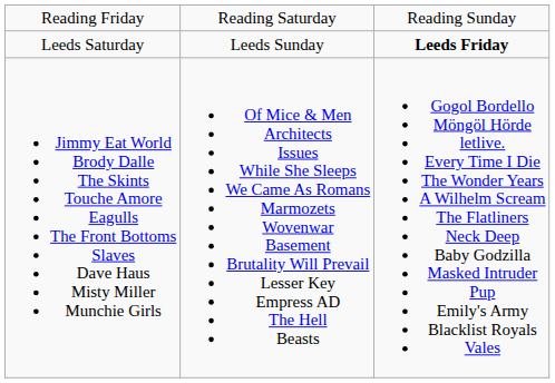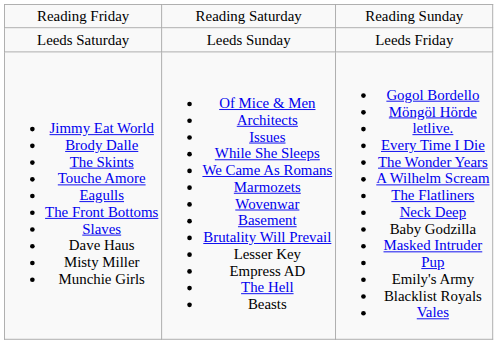 <table class="wikitable" style="text-align:center;">
 <tr>
 <td>Reading Friday</td>
 <td>Reading Saturday</td>
 <td>Reading Sunday</td>
 </tr>
 <tr>
 <td>Leeds Saturday</td>
 <td>Leeds Sunday</td>
-<td><strong>Leeds Friday</strong></td>
+<td>Leeds Friday</td>
 </tr>
 <tr>
 <td><br><ul><li><a href='#'>Jimmy Eat World</a></li><li><a href='#'>Brody Dalle</a></li><li><a href='#'>The Skints</a></li><li><a href='#'>Touche Amore</a></li><li><a href='#'>Eagulls</a></li><li><a href='#'>The Front Bottoms</a></li><li><a href='#'>Slaves</a></li><li>Dave Haus</li><li>Misty Miller</li><li>Munchie Girls</li></ul></td>
 <td><br><ul><li><a href='#'>Of Mice & Men</a></li><li><a href='#'>Architects</a></li><li><a href='#'>Issues</a></li><li><a href='#'>While She Sleeps</a></li><li><a href='#'>We Came As Romans</a></li><li><a href='#'>Marmozets</a></li><li><a href='#'>Wovenwar</a></li><li><a href='#'>Basement</a></li><li><a href='#'>Brutality Will Prevail</a></li><li>Lesser Key</li><li>Empress AD</li><li><a href='#'>The Hell</a></li><li>Beasts</li></ul></td>
 <td><br><ul><li><a href='#'>Gogol Bordello</a></li><li><a href='#'>Möngöl Hörde</a></li><li><a href='#'>letlive.</a></li><li><a href='#'>Every Time I Die</a></li><li><a href='#'>The Wonder Years</a></li><li><a href='#'>A Wilhelm Scream</a></li><li><a href='#'>The Flatliners</a></li><li><a href='#'>Neck Deep</a></li><li>Baby Godzilla</li><li><a href='#'>Masked Intruder</a></li><li><a href='#'>Pup</a></li><li>Emily's Army</li><li>Blacklist Royals</li><li><a href='#'>Vales</a></li></ul></td>
 </tr>
 </table>
